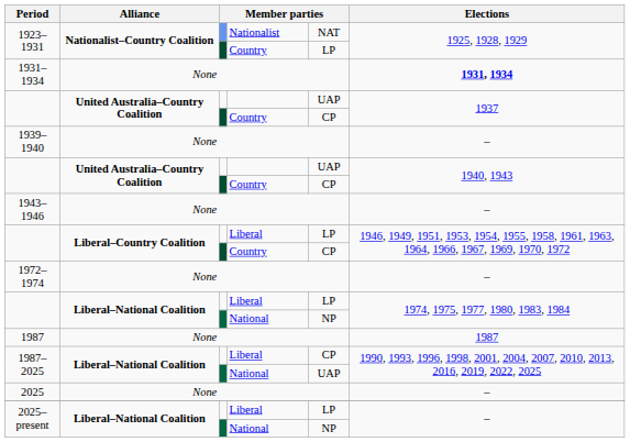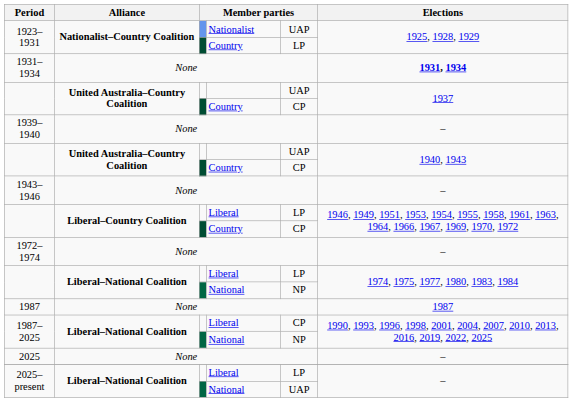 <table class="wikitable">
 <tr>
 <th scope="col">Period</th>
 <th scope="col" width=215px>Alliance</th>
 <th colspan="3" scope="col" width=215px>Member parties</th>
 <th scope="col">Elections</th>
 </tr>
 <tr>
 <td rowspan=2 scope="row" align=center>1923–1931</td>
 <td rowspan=2 scope="row" align=center><strong>Nationalist–Country Coalition</strong></td>
 <td style="background-color:#6495ED"></td>
 <td><a href='#'>Nationalist</a></td>
-<td align=center>NAT</td>
+<td align=center>UAP</td>
 <td rowspan=2 align=center><a href='#'>1925</a>, <a href='#'>1928</a>, <a href='#'>1929</a></td>
 </tr>
 <tr>
 <td style="background-color:#004D33"></td>
 <td><a href='#'>Country</a></td>
 <td align=center>LP</td>
 </tr>
 <tr>
 <td align=center>1931–1934</td>
 <td colspan=4 align=center><em>None</em></td>
 <td align=center><strong><a href='#'>1931</a>, <a href='#'>1934</a></strong></td>
 </tr>
 <tr>
 <td rowspan=2 scope="row" align=center></td>
 <td rowspan=2 scope="row" align=center><strong>United Australia–Country Coalition</strong></td>
 <td style="background-color:"></td>
 <td></td>
 <td align=center>UAP</td>
 <td rowspan=2 align=center><a href='#'>1937</a></td>
 </tr>
 <tr>
 <td style="background-color:#004D33"></td>
 <td><a href='#'>Country</a></td>
 <td align=center>CP</td>
 </tr>
 <tr>
 <td align=center>1939–1940</td>
 <td colspan=4 align=center><em>None</em></td>
 <td align=center>–</td>
 </tr>
 <tr>
 <td rowspan=2 scope="row" align=center></td>
 <td rowspan=2 scope="row" align=center><strong>United Australia–Country Coalition</strong></td>
 <td style="background-color:"></td>
 <td></td>
 <td align=center>UAP</td>
 <td rowspan=2 align=center><a href='#'>1940</a>, <a href='#'>1943</a></td>
 </tr>
 <tr>
 <td style="background-color:#004D33"></td>
 <td><a href='#'>Country</a></td>
 <td align=center>CP</td>
 </tr>
 <tr>
 <td align=center>1943–1946</td>
 <td colspan=4 align=center><em>None</em></td>
 <td align=center>–</td>
 </tr>
 <tr>
 <td rowspan=2 scope="row" align=center></td>
 <td rowspan=2 scope="row" align=center><strong>Liberal–Country Coalition</strong></td>
 <td style="background-color:"></td>
 <td><a href='#'>Liberal</a></td>
 <td align=center>LP</td>
 <td rowspan=2 align=center><a href='#'>1946</a>, <a href='#'>1949</a>, <a href='#'>1951</a>, <a href='#'>1953</a>, <a href='#'>1954</a>, <a href='#'>1955</a>, <a href='#'>1958</a>, <a href='#'>1961</a>, <a href='#'>1963</a>, <a href='#'>1964</a>, <a href='#'>1966</a>, <a href='#'>1967</a>, <a href='#'>1969</a>, <a href='#'>1970</a>, <a href='#'>1972</a></td>
 </tr>
 <tr>
 <td style="background-color:#004D33"></td>
 <td><a href='#'>Country</a></td>
 <td align=center>CP</td>
 </tr>
 <tr>
 <td align=center>1972–1974</td>
 <td colspan=4 align=center><em>None</em></td>
 <td align=center>–</td>
 </tr>
 <tr>
 <td rowspan=2 scope="row" align=center></td>
 <td rowspan=2 scope="row" align=center><strong>Liberal–National Coalition</strong></td>
 <td style="background-color:"></td>
 <td><a href='#'>Liberal</a></td>
 <td align=center>LP</td>
 <td rowspan=2 align=center><a href='#'>1974</a>, <a href='#'>1975</a>, <a href='#'>1977</a>, <a href='#'>1980</a>, <a href='#'>1983</a>, <a href='#'>1984</a></td>
 </tr>
 <tr>
 <td style="background-color:#006644"></td>
 <td><a href='#'>National</a></td>
 <td align=center>NP</td>
 </tr>
 <tr>
 <td align=center>1987</td>
 <td colspan=4 align=center><em>None</em></td>
 <td align=center><a href='#'>1987</a></td>
 </tr>
 <tr>
 <td rowspan=2 scope="row" align=center>1987–2025</td>
 <td rowspan=2 scope="row" align=center><strong>Liberal–National Coalition</strong></td>
 <td style="background-color:"></td>
 <td><a href='#'>Liberal</a></td>
 <td align=center>CP</td>
 <td rowspan=2 align=center><a href='#'>1990</a>, <a href='#'>1993</a>, <a href='#'>1996</a>, <a href='#'>1998</a>, <a href='#'>2001</a>, <a href='#'>2004</a>, <a href='#'>2007</a>, <a href='#'>2010</a>, <a href='#'>2013</a>, <a href='#'>2016</a>, <a href='#'>2019</a>, <a href='#'>2022</a>, <a href='#'>2025</a></td>
 </tr>
 <tr>
 <td style="background-color:#006644"></td>
 <td><a href='#'>National</a></td>
-<td align=center>UAP</td>
+<td align=center>NP</td>
 </tr>
 <tr>
 <td align=center>2025</td>
 <td colspan=4 align=center><em>None</em></td>
 <td align=center>–</td>
 </tr>
 <tr>
 </tr>
 <tr>
 <td rowspan=2 scope="row" align=center>2025–present</td>
 <td rowspan=2 scope="row" align=center><strong>Liberal–National Coalition</strong></td>
 <td style="background-color:"></td>
 <td><a href='#'>Liberal</a></td>
 <td align=center>LP</td>
 <td rowspan=2 align=center>–</td>
 </tr>
 <tr>
 <td style="background-color:#006644"></td>
 <td><a href='#'>National</a></td>
-<td align=center>NP</td>
+<td align=center>UAP</td>
 </tr>
 </table>
